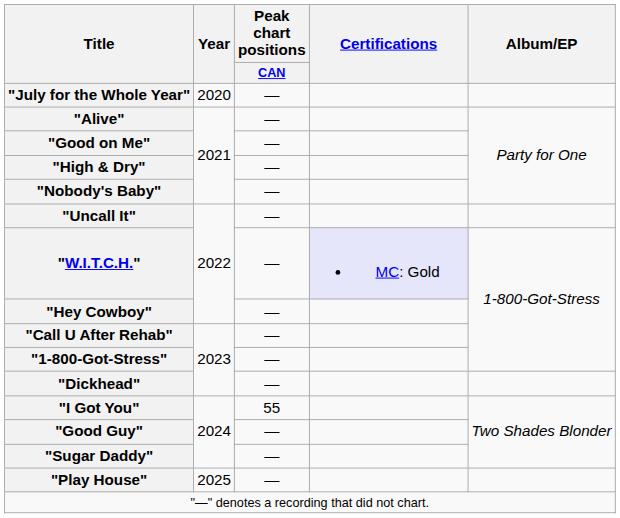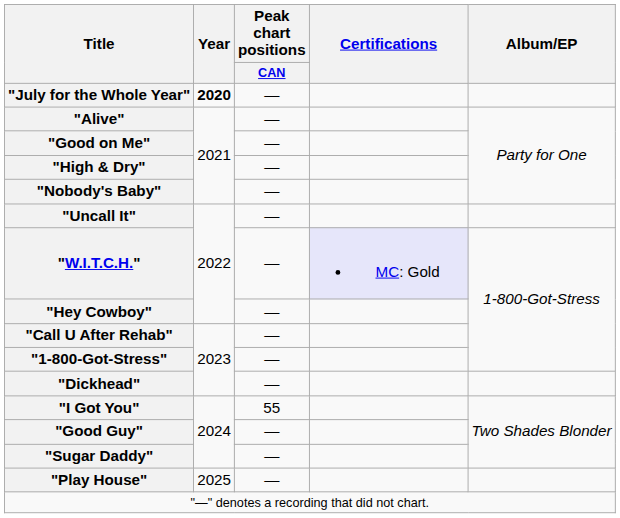 <table class="wikitable plainrowheaders" style="text-align:center;">
 <tr>
 <th scope="col" rowspan="2">Title</th>
 <th scope="col" rowspan="2">Year</th>
 <th scope="col">Peak chart positions</th>
 <th rowspan="2" style="width:10em;"><a href='#'>Certifications</a></th>
 <th scope="col" rowspan="2">Album/EP</th>
 </tr>
 <tr style="font-size:smaller;">
 <th style="width:3.5em;"><a href='#'>CAN</a><br></th>
 </tr>
 <tr>
 <th scope="row">"July for the Whole Year"</th>
-<td>2020</td>
+<td><strong>2020</strong></td>
 <td>—</td>
 <td></td>
 <td></td>
 </tr>
 <tr>
 <th scope="row">"Alive"</th>
 <td rowspan="4">2021</td>
 <td>—</td>
 <td></td>
 <td rowspan="4"><em>Party for One</em></td>
 </tr>
 <tr>
 <th scope="row">"Good on Me"</th>
 <td>—</td>
 <td></td>
 </tr>
 <tr>
 <th scope="row">"High & Dry"</th>
 <td>—</td>
 <td></td>
 </tr>
 <tr>
 <th scope="row">"Nobody's Baby"</th>
 <td>—</td>
 <td></td>
 </tr>
 <tr>
 <th scope="row">"Uncall It"</th>
 <td rowspan="3">2022</td>
 <td>—</td>
 <td></td>
 <td></td>
 </tr>
 <tr>
 <th scope="row">"<a href='#'>W.I.T.C.H.</a>"</th>
 <td>—</td>
 <td style="background: lavender;"><br><ul><li><a href='#'>MC</a>: Gold</li></ul></td>
 <td rowspan="4"><em>1-800-Got-Stress</em></td>
 </tr>
 <tr>
 <th scope="row">"Hey Cowboy"</th>
 <td>—</td>
 <td></td>
 </tr>
 <tr>
 <th scope="row">"Call U After Rehab"</th>
 <td rowspan="3">2023</td>
 <td>—</td>
 <td></td>
 </tr>
 <tr>
 <th scope="row">"1-800-Got-Stress"</th>
 <td>—</td>
 <td></td>
 </tr>
 <tr>
 <th scope="row">"Dickhead"</th>
 <td>—</td>
 <td></td>
 <td></td>
 </tr>
 <tr>
 <th scope="row">"I Got You"</th>
 <td rowspan="3">2024</td>
 <td>55</td>
 <td></td>
 <td rowspan="3"><em>Two Shades Blonder</em></td>
 </tr>
 <tr>
 <th scope="row">"Good Guy"</th>
 <td>—</td>
 <td></td>
 </tr>
 <tr>
 <th scope="row">"Sugar Daddy"</th>
 <td>—</td>
 <td></td>
 </tr>
 <tr>
 <th scope="row">"Play House"</th>
 <td>2025</td>
 <td>—</td>
 <td></td>
 <td></td>
 </tr>
 <tr>
 <td colspan="8" style="font-size:smaller;">"—" denotes a recording that did not chart.</td>
 </tr>
 </table>
